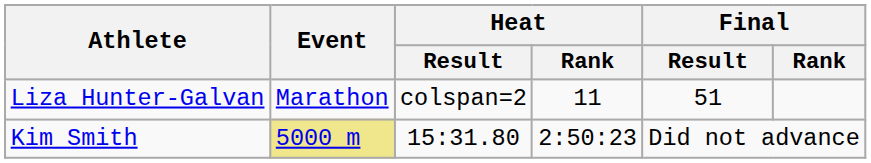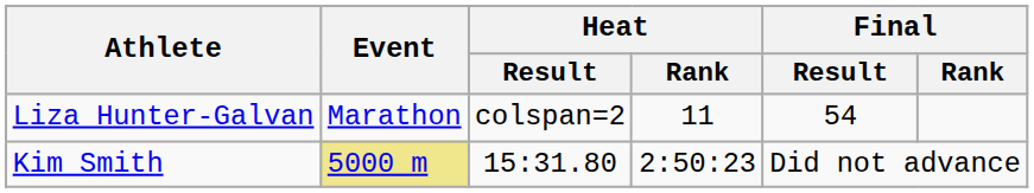 <table class=wikitable style="font-size:90%">
 <tr>
 <th rowspan="2">Athlete</th>
 <th rowspan="2">Event</th>
 <th colspan="2">Heat</th>
 <th colspan="2">Final</th>
 </tr>
 <tr style="font-size:95%">
 <th>Result</th>
 <th>Rank</th>
 <th>Result</th>
 <th>Rank</th>
 </tr>
 <tr align=center>
 <td align=left><a href='#'>Liza Hunter-Galvan</a></td>
 <td align=left><a href='#'>Marathon</a></td>
 <td>colspan=2 </td>
 <td>11</td>
-<td>51</td>
+<td>54</td>
 </tr>
 <tr align=center>
 <td align=left><a href='#'>Kim Smith</a></td>
 <td align=left style="background: khaki;"><a href='#'>5000 m</a></td>
 <td>15:31.80</td>
 <td>2:50:23</td>
 <td colspan=2>Did not advance</td>
 </tr>
 </table>
